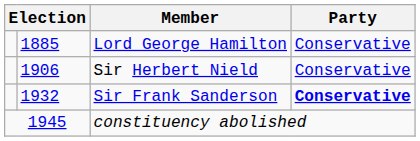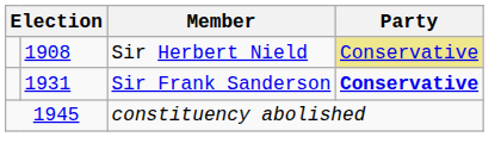 <table class="wikitable">
 <tr>
 <th colspan="2">Election</th>
 <th>Member</th>
 <th>Party</th>
 </tr>
 <tr>
 <td style="color:inherit;background-color: "></td>
-<td><a href='#'>1885</a></td>
-<td><a href='#'>Lord George Hamilton</a></td>
-<td><a href='#'>Conservative</a></td>
+<td><a href='#'>1908</a></td>
+<td>Sir <a href='#'>Herbert Nield</a></td>
+<td style="background: khaki;"><a href='#'>Conservative</a></td>
 </tr>
 <tr>
 <td style="color:inherit;background-color: "></td>
-<td><a href='#'>1906</a></td>
-<td>Sir <a href='#'>Herbert Nield</a></td>
-<td><a href='#'>Conservative</a></td>
-</tr>
-<tr>
-<td style="color:inherit;background-color: "></td>
-<td><a href='#'>1932</a></td>
+<td><a href='#'>1931</a></td>
 <td><a href='#'>Sir Frank Sanderson</a></td>
 <td><strong><a href='#'>Conservative</a></strong></td>
 </tr>
 <tr>
 <td colspan="2" align="center"><a href='#'>1945</a></td>
 <td colspan="2"><em>constituency abolished</em></td>
 </tr>
 </table>
